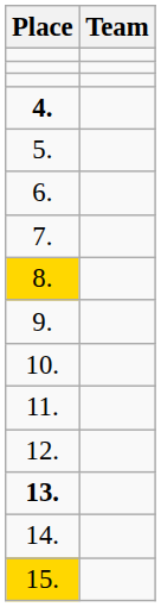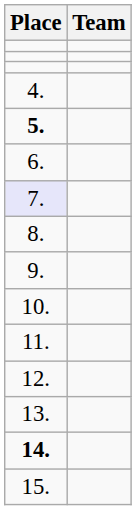 <table class="wikitable">
 <tr>
 <th>Place</th>
 <th>Team</th>
 </tr>
 <tr>
 <td align="center"></td>
 <td></td>
 </tr>
 <tr>
 <td align="center"></td>
 <td></td>
 </tr>
 <tr>
 <td align="center"></td>
 <td></td>
 </tr>
 <tr>
-<td align="center"><strong>4.</strong></td>
+<td align="center">4.</td>
 <td></td>
 </tr>
 <tr>
-<td align="center">5.</td>
+<td align="center"><strong>5.</strong></td>
 <td></td>
 </tr>
 <tr>
 <td align="center">6.</td>
 <td></td>
 </tr>
 <tr>
-<td align="center">7.</td>
+<td align="center" style="background: lavender;">7.</td>
 <td></td>
 </tr>
 <tr>
-<td align="center" style="background: gold;">8.</td>
+<td align="center">8.</td>
 <td></td>
 </tr>
 <tr>
 <td align="center">9.</td>
 <td></td>
 </tr>
 <tr>
 <td align="center">10.</td>
 <td></td>
 </tr>
 <tr>
 <td align="center">11.</td>
 <td></td>
 </tr>
 <tr>
 <td align="center">12.</td>
 <td></td>
 </tr>
 <tr>
-<td align="center"><strong>13.</strong></td>
+<td align="center">13.</td>
 <td></td>
 </tr>
 <tr>
-<td align="center">14.</td>
+<td align="center"><strong>14.</strong></td>
 <td></td>
 </tr>
 <tr>
-<td align="center" style="background: gold;">15.</td>
+<td align="center">15.</td>
 <td></td>
 </tr>
 </table>
